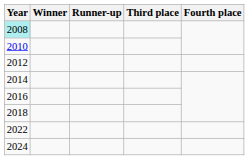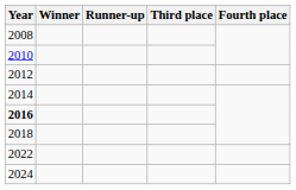 <table class="wikitable">
 <tr>
 <th>Year</th>
 <th>Winner</th>
 <th>Runner-up</th>
 <th>Third place</th>
 <th>Fourth place</th>
 </tr>
 <tr align=left>
-<td style="background: paleturquoise;">2008</td>
+<td>2008</td>
 <td></td>
 <td></td>
 <td></td>
 <td rowspan=2></td>
 </tr>
 <tr align=left>
 <td><a href='#'>2010</a></td>
 <td></td>
 <td></td>
 <td></td>
 </tr>
 <tr align=left>
 <td>2012</td>
 <td></td>
 <td></td>
 <td></td>
 <td></td>
 </tr>
 <tr align=left>
 <td>2014</td>
 <td></td>
 <td></td>
 <td></td>
 <td rowspan=3></td>
 </tr>
 <tr align=left>
-<td>2016</td>
+<td><strong>2016</strong></td>
 <td></td>
 <td></td>
 <td></td>
 </tr>
 <tr align=left>
 <td>2018</td>
 <td></td>
 <td></td>
 <td></td>
 </tr>
 <tr align=left>
 <td>2022</td>
 <td></td>
 <td></td>
 <td></td>
 </tr>
 <tr align=left>
 <td>2024</td>
 <td></td>
 <td></td>
 <td></td>
 <td></td>
 </tr>
 </table>
